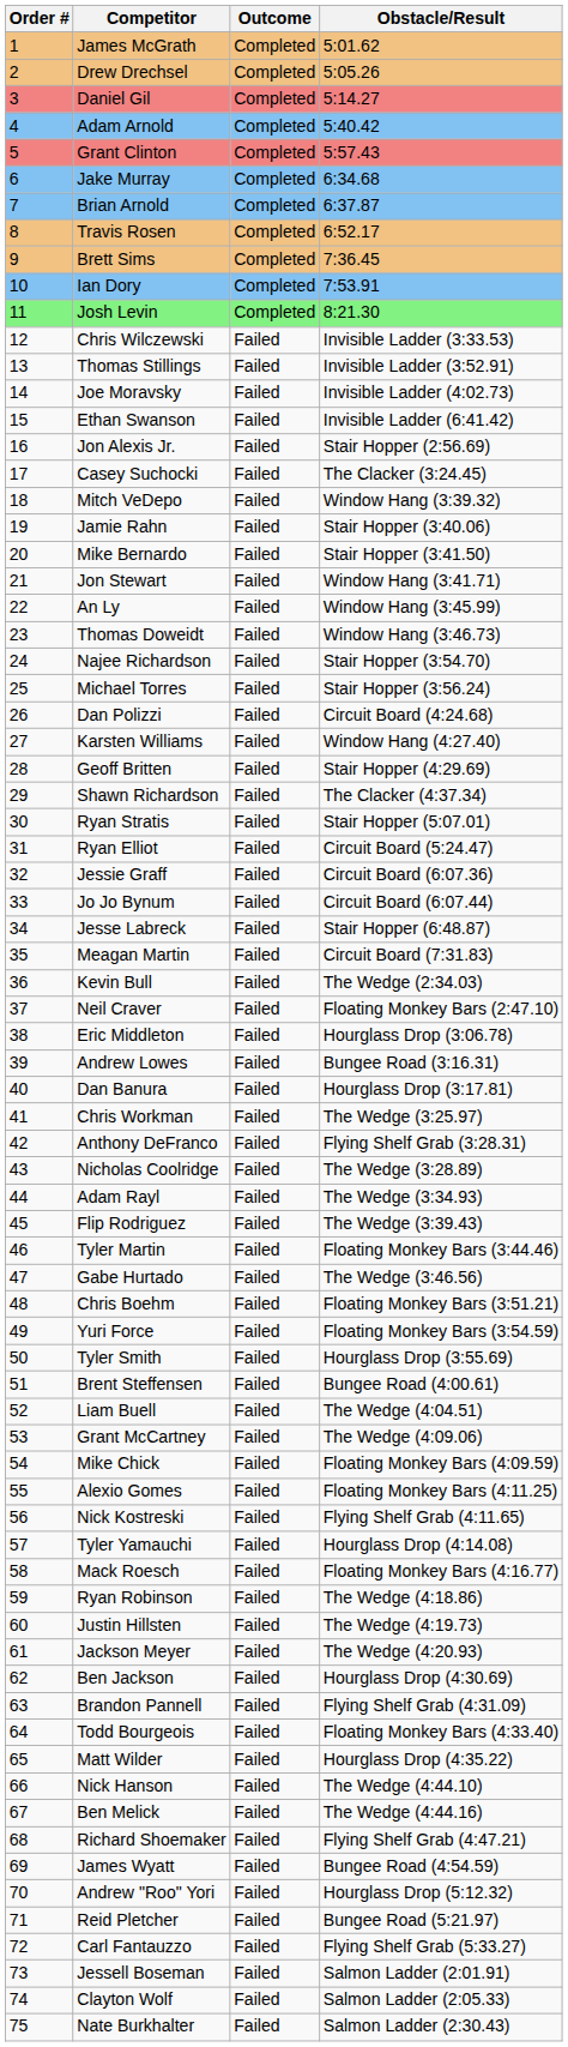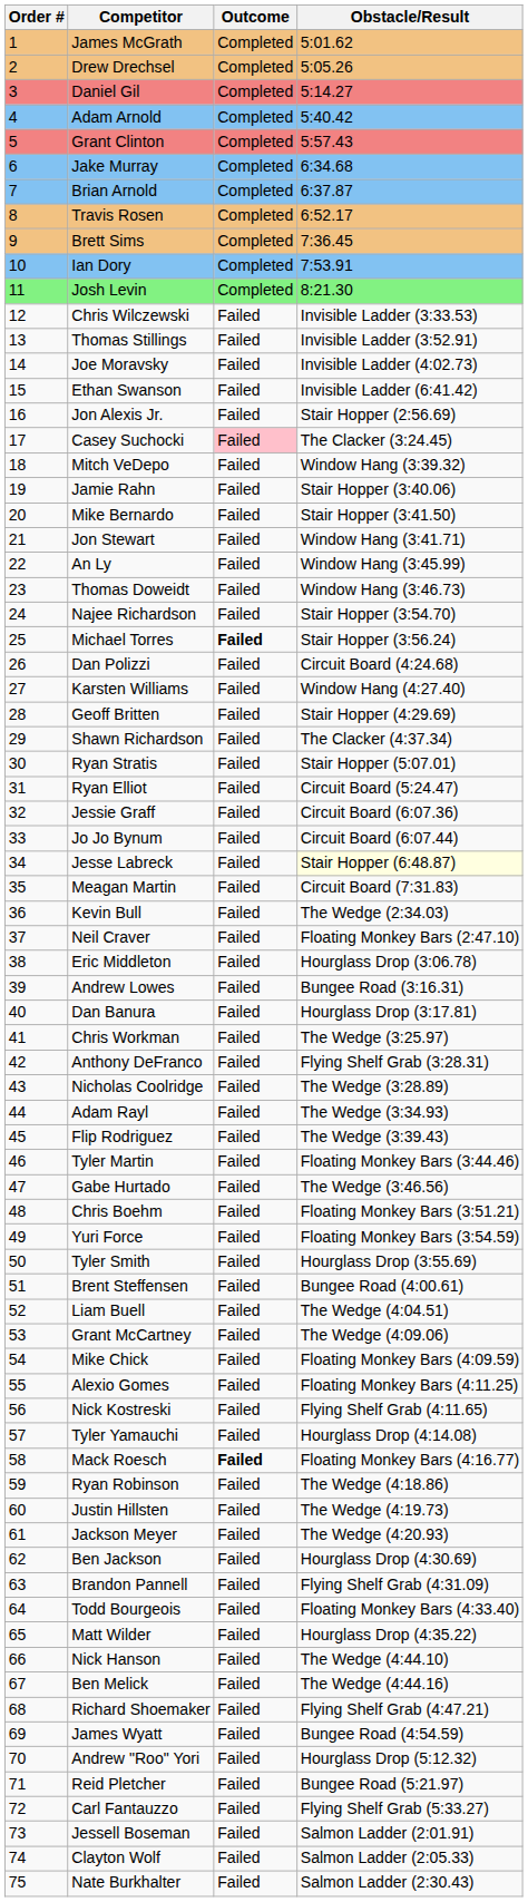 <table class="wikitable sortable">
 <tr>
 <th>Order #</th>
 <th>Competitor</th>
 <th>Outcome</th>
 <th>Obstacle/Result</th>
 </tr>
 <tr style="background-color:#f2c282">
 <td>1</td>
 <td>James McGrath</td>
 <td>Completed</td>
 <td>5:01.62</td>
 </tr>
 <tr style="background-color:#f2c282">
 <td>2</td>
 <td>Drew Drechsel</td>
 <td>Completed</td>
 <td>5:05.26</td>
 </tr>
 <tr style="background-color:#f28282">
 <td>3</td>
 <td>Daniel Gil</td>
 <td>Completed</td>
 <td>5:14.27</td>
 </tr>
 <tr style="background-color:#82c2f2">
 <td>4</td>
 <td>Adam Arnold</td>
 <td>Completed</td>
 <td>5:40.42</td>
 </tr>
 <tr style="background-color:#f28282">
 <td>5</td>
 <td>Grant Clinton</td>
 <td>Completed</td>
 <td>5:57.43</td>
 </tr>
 <tr style="background-color:#82c2f2">
 <td>6</td>
 <td>Jake Murray</td>
 <td>Completed</td>
 <td>6:34.68</td>
 </tr>
 <tr style="background-color:#82c2f2">
 <td>7</td>
 <td>Brian Arnold</td>
 <td>Completed</td>
 <td>6:37.87</td>
 </tr>
 <tr style="background-color:#f2c282">
 <td>8</td>
 <td>Travis Rosen</td>
 <td>Completed</td>
 <td>6:52.17</td>
 </tr>
 <tr style="background-color:#f2c282">
 <td>9</td>
 <td>Brett Sims</td>
 <td>Completed</td>
 <td>7:36.45</td>
 </tr>
 <tr style="background-color:#82c2f2">
 <td>10</td>
 <td>Ian Dory</td>
 <td>Completed</td>
 <td>7:53.91</td>
 </tr>
 <tr style="background-color:#82f282">
 <td>11</td>
 <td>Josh Levin</td>
 <td>Completed</td>
 <td>8:21.30</td>
 </tr>
 <tr>
 <td>12</td>
 <td>Chris Wilczewski</td>
 <td>Failed</td>
 <td>Invisible Ladder (3:33.53)</td>
 </tr>
 <tr>
 <td>13</td>
 <td>Thomas Stillings</td>
 <td>Failed</td>
 <td>Invisible Ladder (3:52.91)</td>
 </tr>
 <tr>
 <td>14</td>
 <td>Joe Moravsky</td>
 <td>Failed</td>
 <td>Invisible Ladder (4:02.73)</td>
 </tr>
 <tr>
 <td>15</td>
 <td>Ethan Swanson</td>
 <td>Failed</td>
 <td>Invisible Ladder (6:41.42)</td>
 </tr>
 <tr>
 <td>16</td>
 <td>Jon Alexis Jr.</td>
 <td>Failed</td>
 <td>Stair Hopper (2:56.69)</td>
 </tr>
 <tr>
 <td>17</td>
 <td>Casey Suchocki</td>
-<td>Failed</td>
+<td style="background: pink;">Failed</td>
 <td>The Clacker (3:24.45)</td>
 </tr>
 <tr>
 <td>18</td>
 <td>Mitch VeDepo</td>
 <td>Failed</td>
 <td>Window Hang (3:39.32)</td>
 </tr>
 <tr>
 <td>19</td>
 <td>Jamie Rahn</td>
 <td>Failed</td>
 <td>Stair Hopper (3:40.06)</td>
 </tr>
 <tr>
 <td>20</td>
 <td>Mike Bernardo</td>
 <td>Failed</td>
 <td>Stair Hopper (3:41.50)</td>
 </tr>
 <tr>
 <td>21</td>
 <td>Jon Stewart</td>
 <td>Failed</td>
 <td>Window Hang (3:41.71)</td>
 </tr>
 <tr>
 <td>22</td>
 <td>An Ly</td>
 <td>Failed</td>
 <td>Window Hang (3:45.99)</td>
 </tr>
 <tr>
 <td>23</td>
 <td>Thomas Doweidt</td>
 <td>Failed</td>
 <td>Window Hang (3:46.73)</td>
 </tr>
 <tr>
 <td>24</td>
 <td>Najee Richardson</td>
 <td>Failed</td>
 <td>Stair Hopper (3:54.70)</td>
 </tr>
 <tr>
 <td>25</td>
 <td>Michael Torres</td>
-<td>Failed</td>
+<td><strong>Failed</strong></td>
 <td>Stair Hopper (3:56.24)</td>
 </tr>
 <tr>
 <td>26</td>
 <td>Dan Polizzi</td>
 <td>Failed</td>
 <td>Circuit Board (4:24.68)</td>
 </tr>
 <tr>
 <td>27</td>
 <td>Karsten Williams</td>
 <td>Failed</td>
 <td>Window Hang (4:27.40)</td>
 </tr>
 <tr>
 <td>28</td>
 <td>Geoff Britten</td>
 <td>Failed</td>
 <td>Stair Hopper (4:29.69)</td>
 </tr>
 <tr>
 <td>29</td>
 <td>Shawn Richardson</td>
 <td>Failed</td>
 <td>The Clacker (4:37.34)</td>
 </tr>
 <tr>
 <td>30</td>
 <td>Ryan Stratis</td>
 <td>Failed</td>
 <td>Stair Hopper (5:07.01)</td>
 </tr>
 <tr>
 <td>31</td>
 <td>Ryan Elliot</td>
 <td>Failed</td>
 <td>Circuit Board (5:24.47)</td>
 </tr>
 <tr>
 <td>32</td>
 <td>Jessie Graff</td>
 <td>Failed</td>
 <td>Circuit Board (6:07.36)</td>
 </tr>
 <tr>
 <td>33</td>
 <td>Jo Jo Bynum</td>
 <td>Failed</td>
 <td>Circuit Board (6:07.44)</td>
 </tr>
 <tr>
 <td>34</td>
 <td>Jesse Labreck</td>
 <td>Failed</td>
-<td>Stair Hopper (6:48.87)</td>
+<td style="background: lightyellow;">Stair Hopper (6:48.87)</td>
 </tr>
 <tr>
 <td>35</td>
 <td>Meagan Martin</td>
 <td>Failed</td>
 <td>Circuit Board (7:31.83)</td>
 </tr>
 <tr>
 <td>36</td>
 <td>Kevin Bull</td>
 <td>Failed</td>
 <td>The Wedge (2:34.03)</td>
 </tr>
 <tr>
 <td>37</td>
 <td>Neil Craver</td>
 <td>Failed</td>
 <td>Floating Monkey Bars (2:47.10)</td>
 </tr>
 <tr>
 <td>38</td>
 <td>Eric Middleton</td>
 <td>Failed</td>
 <td>Hourglass Drop (3:06.78)</td>
 </tr>
 <tr>
 <td>39</td>
 <td>Andrew Lowes</td>
 <td>Failed</td>
 <td>Bungee Road (3:16.31)</td>
 </tr>
 <tr>
 <td>40</td>
 <td>Dan Banura</td>
 <td>Failed</td>
 <td>Hourglass Drop (3:17.81)</td>
 </tr>
 <tr>
 <td>41</td>
 <td>Chris Workman</td>
 <td>Failed</td>
 <td>The Wedge (3:25.97)</td>
 </tr>
 <tr>
 <td>42</td>
 <td>Anthony DeFranco</td>
 <td>Failed</td>
 <td>Flying Shelf Grab (3:28.31)</td>
 </tr>
 <tr>
 <td>43</td>
 <td>Nicholas Coolridge</td>
 <td>Failed</td>
 <td>The Wedge (3:28.89)</td>
 </tr>
 <tr>
 <td>44</td>
 <td>Adam Rayl</td>
 <td>Failed</td>
 <td>The Wedge (3:34.93)</td>
 </tr>
 <tr>
 <td>45</td>
 <td>Flip Rodriguez</td>
 <td>Failed</td>
 <td>The Wedge (3:39.43)</td>
 </tr>
 <tr>
 <td>46</td>
 <td>Tyler Martin</td>
 <td>Failed</td>
 <td>Floating Monkey Bars (3:44.46)</td>
 </tr>
 <tr>
 <td>47</td>
 <td>Gabe Hurtado</td>
 <td>Failed</td>
 <td>The Wedge (3:46.56)</td>
 </tr>
 <tr>
 <td>48</td>
 <td>Chris Boehm</td>
 <td>Failed</td>
 <td>Floating Monkey Bars (3:51.21)</td>
 </tr>
 <tr>
 <td>49</td>
 <td>Yuri Force</td>
 <td>Failed</td>
 <td>Floating Monkey Bars (3:54.59)</td>
 </tr>
 <tr>
 <td>50</td>
 <td>Tyler Smith</td>
 <td>Failed</td>
 <td>Hourglass Drop (3:55.69)</td>
 </tr>
 <tr>
 <td>51</td>
 <td>Brent Steffensen</td>
 <td>Failed</td>
 <td>Bungee Road (4:00.61)</td>
 </tr>
 <tr>
 <td>52</td>
 <td>Liam Buell</td>
 <td>Failed</td>
 <td>The Wedge (4:04.51)</td>
 </tr>
 <tr>
 <td>53</td>
 <td>Grant McCartney</td>
 <td>Failed</td>
 <td>The Wedge (4:09.06)</td>
 </tr>
 <tr>
 <td>54</td>
 <td>Mike Chick</td>
 <td>Failed</td>
 <td>Floating Monkey Bars (4:09.59)</td>
 </tr>
 <tr>
 <td>55</td>
 <td>Alexio Gomes</td>
 <td>Failed</td>
 <td>Floating Monkey Bars (4:11.25)</td>
 </tr>
 <tr>
 <td>56</td>
 <td>Nick Kostreski</td>
 <td>Failed</td>
 <td>Flying Shelf Grab (4:11.65)</td>
 </tr>
 <tr>
 <td>57</td>
 <td>Tyler Yamauchi</td>
 <td>Failed</td>
 <td>Hourglass Drop (4:14.08)</td>
 </tr>
 <tr>
 <td>58</td>
 <td>Mack Roesch</td>
-<td>Failed</td>
+<td><strong>Failed</strong></td>
 <td>Floating Monkey Bars (4:16.77)</td>
 </tr>
 <tr>
 <td>59</td>
 <td>Ryan Robinson</td>
 <td>Failed</td>
 <td>The Wedge (4:18.86)</td>
 </tr>
 <tr>
 <td>60</td>
 <td>Justin Hillsten</td>
 <td>Failed</td>
 <td>The Wedge (4:19.73)</td>
 </tr>
 <tr>
 <td>61</td>
 <td>Jackson Meyer</td>
 <td>Failed</td>
 <td>The Wedge (4:20.93)</td>
 </tr>
 <tr>
 <td>62</td>
 <td>Ben Jackson</td>
 <td>Failed</td>
 <td>Hourglass Drop (4:30.69)</td>
 </tr>
 <tr>
 <td>63</td>
 <td>Brandon Pannell</td>
 <td>Failed</td>
 <td>Flying Shelf Grab (4:31.09)</td>
 </tr>
 <tr>
 <td>64</td>
 <td>Todd Bourgeois</td>
 <td>Failed</td>
 <td>Floating Monkey Bars (4:33.40)</td>
 </tr>
 <tr>
 <td>65</td>
 <td>Matt Wilder</td>
 <td>Failed</td>
 <td>Hourglass Drop (4:35.22)</td>
 </tr>
 <tr>
 <td>66</td>
 <td>Nick Hanson</td>
 <td>Failed</td>
 <td>The Wedge (4:44.10)</td>
 </tr>
 <tr>
 <td>67</td>
 <td>Ben Melick</td>
 <td>Failed</td>
 <td>The Wedge (4:44.16)</td>
 </tr>
 <tr>
 <td>68</td>
 <td>Richard Shoemaker</td>
 <td>Failed</td>
 <td>Flying Shelf Grab (4:47.21)</td>
 </tr>
 <tr>
 <td>69</td>
 <td>James Wyatt</td>
 <td>Failed</td>
 <td>Bungee Road (4:54.59)</td>
 </tr>
 <tr>
 <td>70</td>
 <td>Andrew "Roo" Yori</td>
 <td>Failed</td>
 <td>Hourglass Drop (5:12.32)</td>
 </tr>
 <tr>
 <td>71</td>
 <td>Reid Pletcher</td>
 <td>Failed</td>
 <td>Bungee Road (5:21.97)</td>
 </tr>
 <tr>
 <td>72</td>
 <td>Carl Fantauzzo</td>
 <td>Failed</td>
 <td>Flying Shelf Grab (5:33.27)</td>
 </tr>
 <tr>
 <td>73</td>
 <td>Jessell Boseman</td>
 <td>Failed</td>
 <td>Salmon Ladder (2:01.91)</td>
 </tr>
 <tr>
 <td>74</td>
 <td>Clayton Wolf</td>
 <td>Failed</td>
 <td>Salmon Ladder (2:05.33)</td>
 </tr>
 <tr>
 <td>75</td>
 <td>Nate Burkhalter</td>
 <td>Failed</td>
 <td>Salmon Ladder (2:30.43)</td>
 </tr>
 </table>
